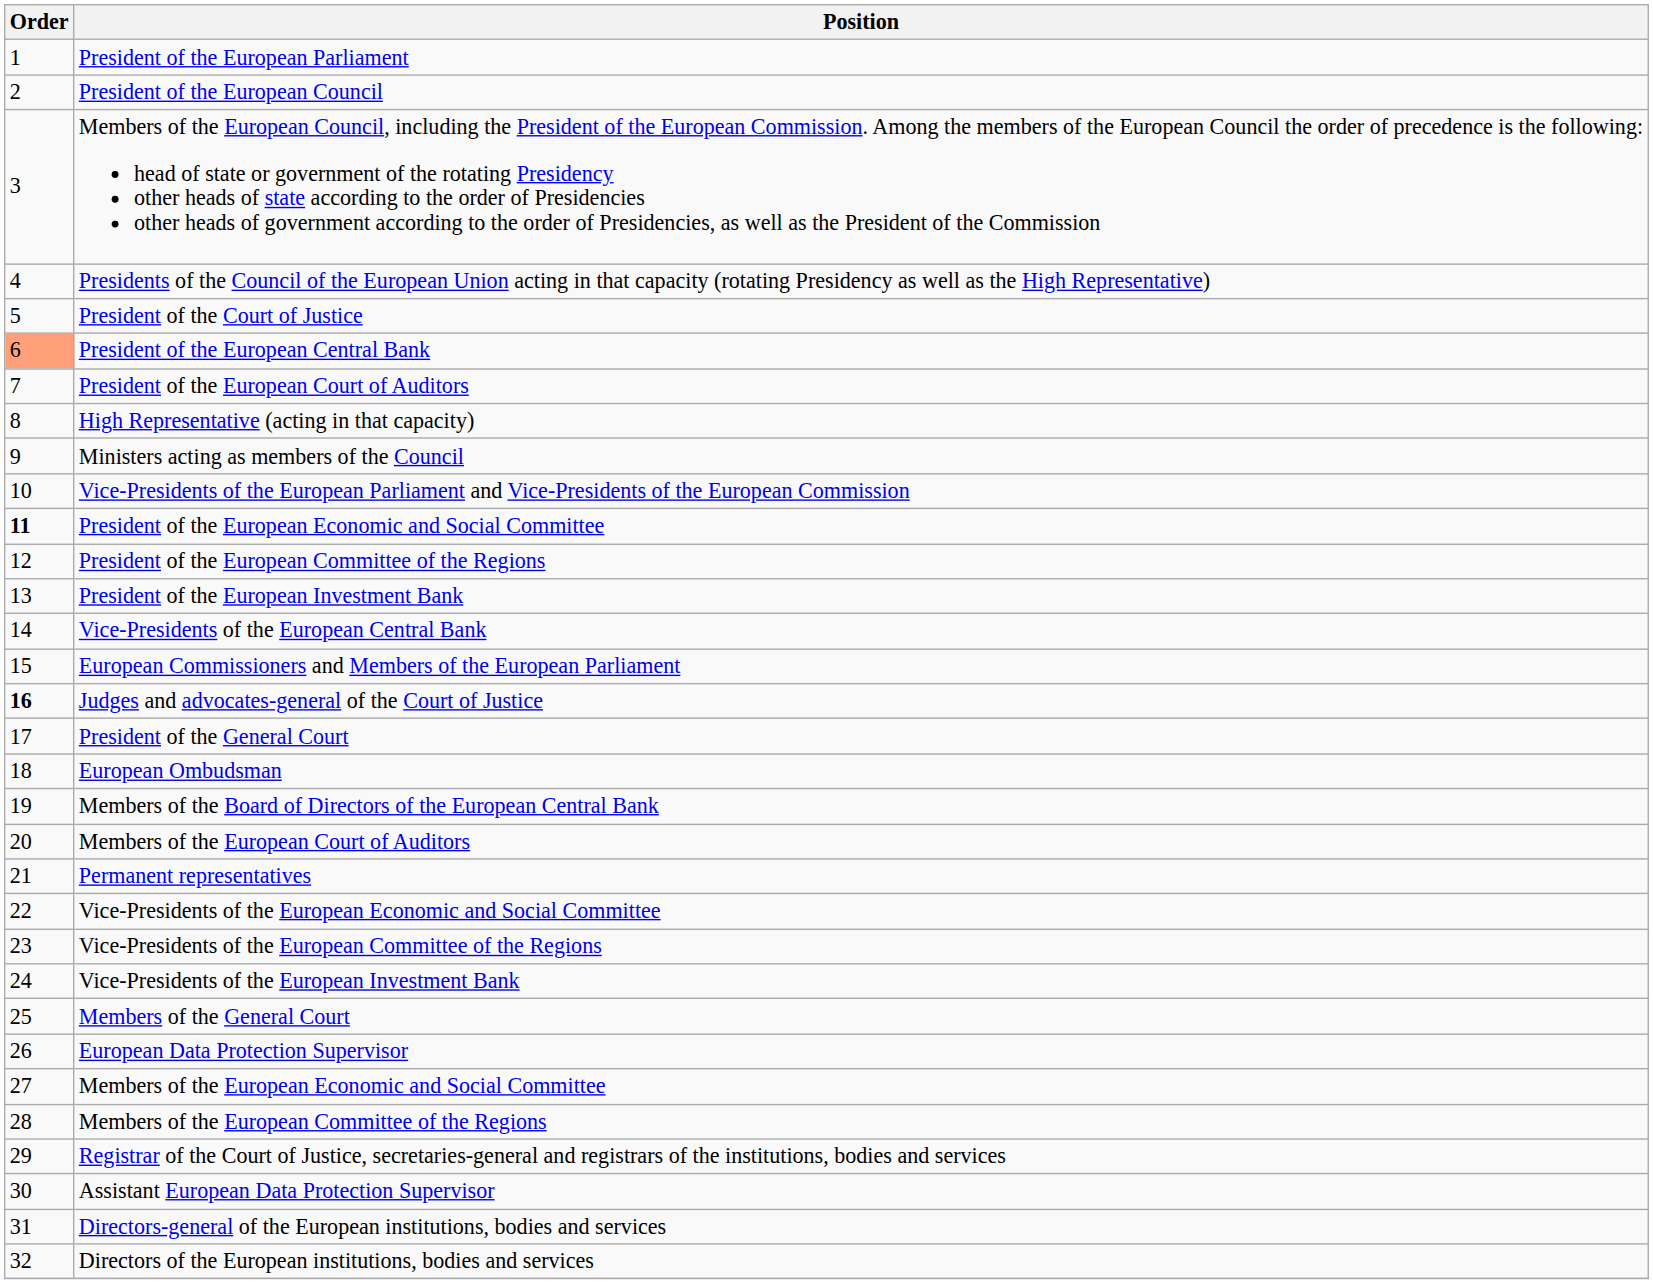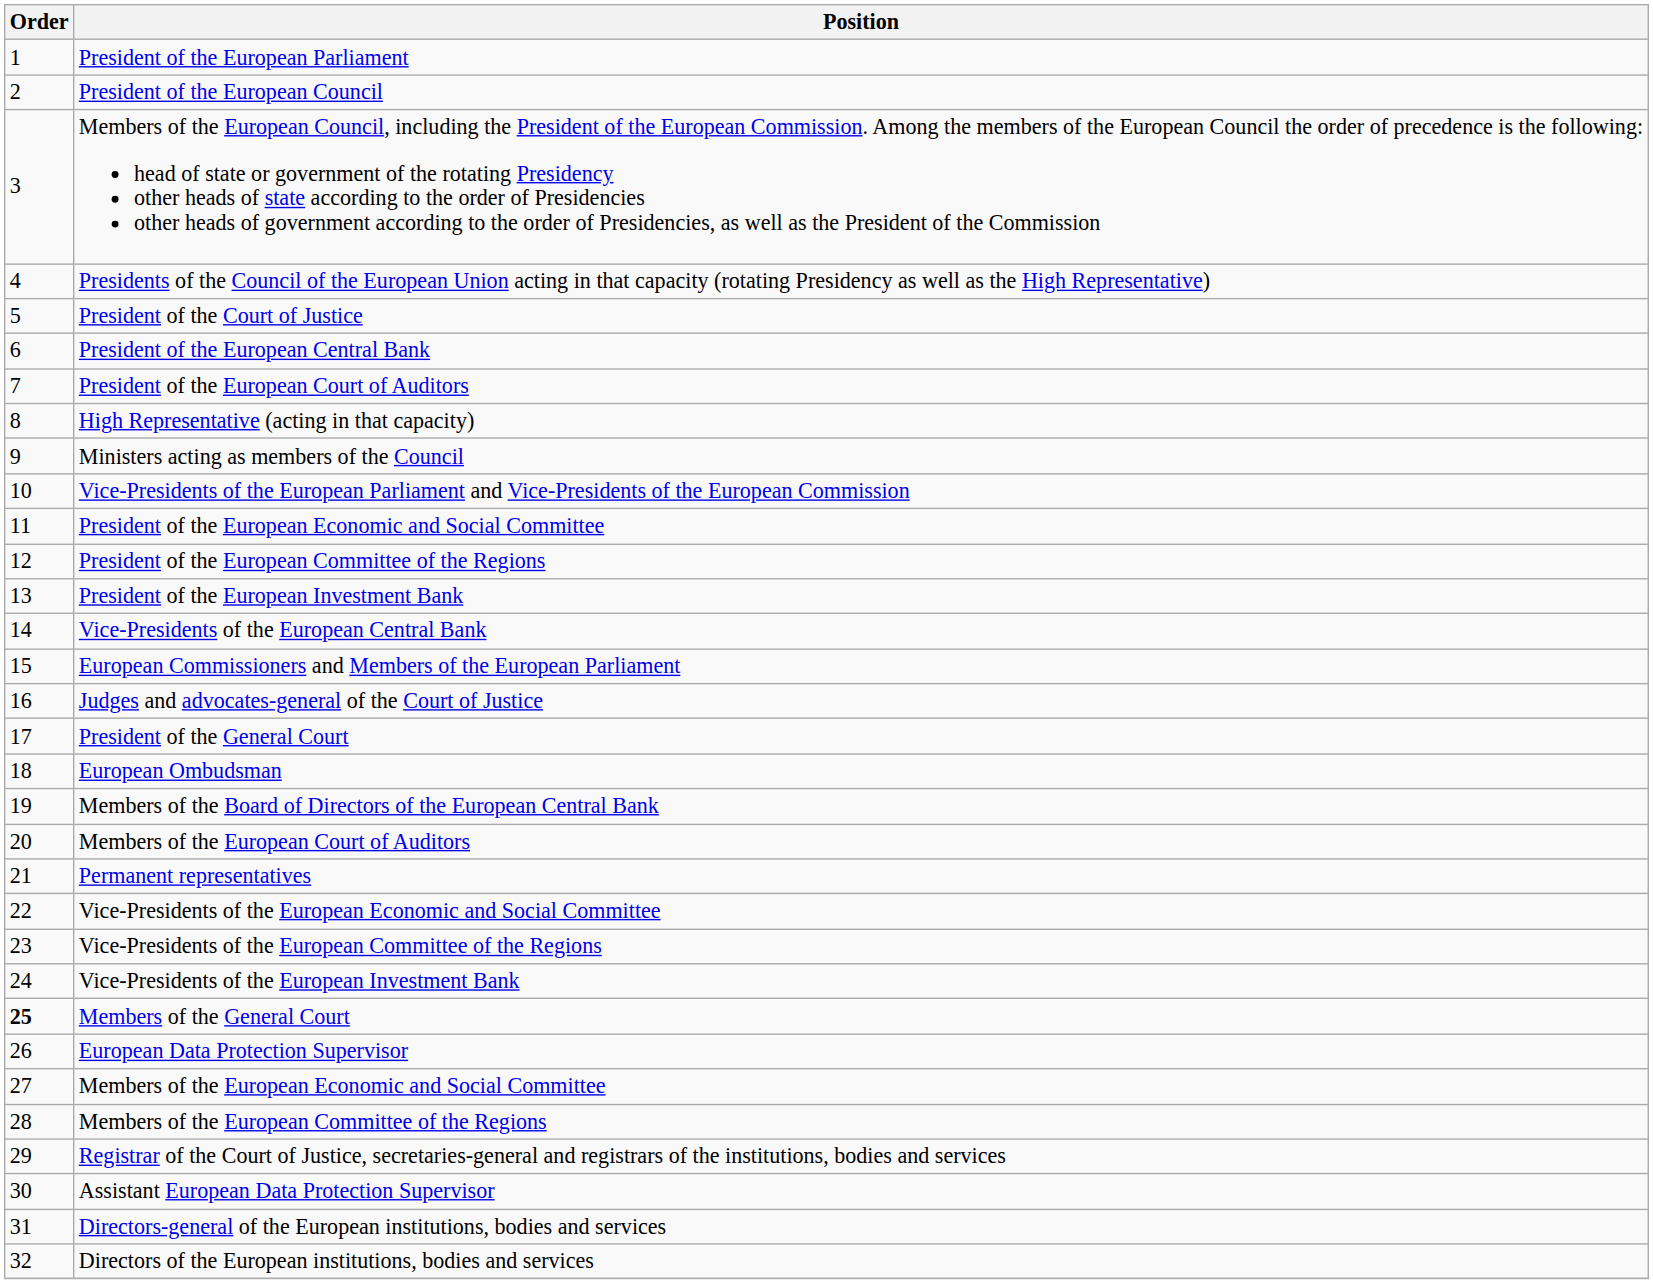 <table class="wikitable">
 <tr>
 <th>Order</th>
 <th>Position</th>
 </tr>
 <tr>
 <td>1</td>
 <td><a href='#'>President of the European Parliament</a></td>
 </tr>
 <tr>
 <td>2</td>
 <td><a href='#'>President of the European Council</a></td>
 </tr>
 <tr>
 <td>3</td>
 <td>Members of the <a href='#'>European Council</a>, including the <a href='#'>President of the European Commission</a>. Among  the members of the European Council the order of precedence is the following:<br><ul><li>head of state or government of the rotating <a href='#'>Presidency</a></li><li>other heads of <a href='#'>state</a> according to the order of Presidencies</li><li>other heads of government according to the order of Presidencies, as well as the President of the Commission</li></ul></td>
 </tr>
 <tr>
 <td>4</td>
 <td><a href='#'>Presidents</a> of the <a href='#'>Council of the European Union</a> acting in that capacity (rotating Presidency as well as the <a href='#'>High Representative</a>)</td>
 </tr>
 <tr>
 <td>5</td>
 <td><a href='#'>President</a> of the <a href='#'>Court of Justice</a></td>
 </tr>
 <tr>
-<td style="background: lightsalmon;">6</td>
+<td>6</td>
 <td><a href='#'>President of the European Central Bank</a></td>
 </tr>
 <tr>
 <td>7</td>
 <td><a href='#'>President</a> of the <a href='#'>European Court of Auditors</a></td>
 </tr>
 <tr>
 <td>8</td>
 <td><a href='#'>High Representative</a> (acting in that capacity)</td>
 </tr>
 <tr>
 <td>9</td>
 <td>Ministers acting as members of the <a href='#'>Council</a></td>
 </tr>
 <tr>
 <td>10</td>
 <td><a href='#'>Vice-Presidents of the European Parliament</a> and <a href='#'>Vice-Presidents of the European Commission</a></td>
 </tr>
 <tr>
-<td><strong>11</strong></td>
+<td>11</td>
 <td><a href='#'>President</a> of the <a href='#'>European Economic and Social Committee</a></td>
 </tr>
 <tr>
 <td>12</td>
 <td><a href='#'>President</a> of the <a href='#'>European Committee of the Regions</a></td>
 </tr>
 <tr>
 <td>13</td>
 <td><a href='#'>President</a> of the <a href='#'>European Investment Bank</a></td>
 </tr>
 <tr>
 <td>14</td>
 <td><a href='#'>Vice-Presidents</a> of the <a href='#'>European Central Bank</a></td>
 </tr>
 <tr>
 <td>15</td>
 <td><a href='#'>European Commissioners</a> and <a href='#'>Members of the European Parliament</a></td>
 </tr>
 <tr>
-<td><strong>16</strong></td>
+<td>16</td>
 <td><a href='#'>Judges</a> and <a href='#'>advocates-general</a> of the <a href='#'>Court of Justice</a></td>
 </tr>
 <tr>
 <td>17</td>
 <td><a href='#'>President</a> of the <a href='#'>General Court</a></td>
 </tr>
 <tr>
 <td>18</td>
 <td><a href='#'>European Ombudsman</a></td>
 </tr>
 <tr>
 <td>19</td>
 <td>Members of the <a href='#'>Board of Directors of the European Central Bank</a></td>
 </tr>
 <tr>
 <td>20</td>
 <td>Members of the <a href='#'>European Court of Auditors</a></td>
 </tr>
 <tr>
 <td>21</td>
 <td><a href='#'>Permanent representatives</a></td>
 </tr>
 <tr>
 <td>22</td>
 <td>Vice-Presidents of the <a href='#'>European Economic and Social Committee</a></td>
 </tr>
 <tr>
 <td>23</td>
 <td>Vice-Presidents of the <a href='#'>European Committee of the Regions</a></td>
 </tr>
 <tr>
 <td>24</td>
 <td>Vice-Presidents of the <a href='#'>European Investment Bank</a></td>
 </tr>
 <tr>
-<td>25</td>
+<td><strong>25</strong></td>
 <td><a href='#'>Members</a> of the <a href='#'>General Court</a></td>
 </tr>
 <tr>
 <td>26</td>
 <td><a href='#'>European Data Protection Supervisor</a></td>
 </tr>
 <tr>
 <td>27</td>
 <td>Members of the <a href='#'>European Economic and Social Committee</a></td>
 </tr>
 <tr>
 <td>28</td>
 <td>Members of the <a href='#'>European Committee of the Regions</a></td>
 </tr>
 <tr>
 <td>29</td>
 <td><a href='#'>Registrar</a> of the Court of Justice, secretaries-general and registrars of the institutions, bodies and services</td>
 </tr>
 <tr>
 <td>30</td>
 <td>Assistant <a href='#'>European Data Protection Supervisor</a></td>
 </tr>
 <tr>
 <td>31</td>
 <td><a href='#'>Directors-general</a> of the European institutions, bodies and services</td>
 </tr>
 <tr>
 <td>32</td>
 <td>Directors of the European institutions, bodies and services</td>
 </tr>
 <tr>
 </tr>
 </table>
